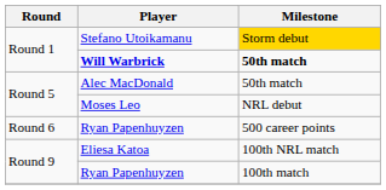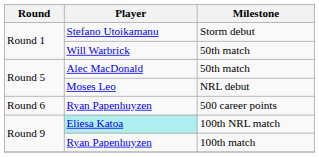 <table class="wikitable"  style="font-size:85%; width:30%;">
 <tr>
 <th>Round</th>
 <th>Player</th>
 <th>Milestone</th>
 </tr>
 <tr>
 <td rowspan=2>Round 1</td>
 <td><a href='#'>Stefano Utoikamanu</a></td>
-<td style="background: gold;">Storm debut</td>
+<td>Storm debut</td>
 </tr>
 <tr>
-<td><strong><a href='#'>Will Warbrick</a></strong></td>
-<td><strong>50th match</strong></td>
+<td><a href='#'>Will Warbrick</a></td>
+<td>50th match</td>
 </tr>
 <tr>
 <td rowspan=2>Round 5</td>
 <td><a href='#'>Alec MacDonald</a></td>
 <td>50th match</td>
 </tr>
 <tr>
 <td><a href='#'>Moses Leo</a></td>
 <td>NRL debut</td>
 </tr>
 <tr>
 <td>Round 6</td>
 <td><a href='#'>Ryan Papenhuyzen</a></td>
 <td>500 career points</td>
 </tr>
 <tr>
 <td rowspan=2>Round 9</td>
-<td><a href='#'>Eliesa Katoa</a></td>
+<td style="background: paleturquoise;"><a href='#'>Eliesa Katoa</a></td>
 <td>100th NRL match</td>
 </tr>
 <tr>
 <td><a href='#'>Ryan Papenhuyzen</a></td>
 <td>100th match</td>
 </tr>
 <tr>
 </tr>
 </table>
